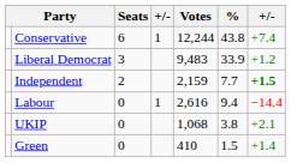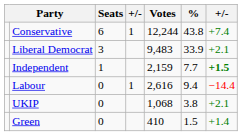 <table class="wikitable sortable">
 <tr>
 <th colspan="2">Party</th>
 <th>Seats</th>
 <th>+/-</th>
 <th>Votes</th>
 <th>%</th>
 <th>+/-</th>
 </tr>
 <tr>
 <td style="background-color: "></td>
 <td><a href='#'>Conservative</a></td>
 <td>6</td>
 <td> 1</td>
 <td>12,244</td>
 <td>43.8</td>
 <td style="color:green">+7.4</td>
 </tr>
 <tr>
 <td style="background-color: "></td>
 <td><a href='#'>Liberal Democrat</a></td>
 <td>3</td>
 <td></td>
 <td>9,483</td>
 <td>33.9</td>
-<td style="color:green">+1.2</td>
+<td style="color:green">+2.1</td>
 </tr>
 <tr>
 <td style="background-color: "></td>
 <td><a href='#'>Independent</a></td>
-<td>2</td>
+<td>1</td>
 <td></td>
 <td>2,159</td>
 <td>7.7</td>
 <td style="color:green"><strong>+1.5</strong></td>
 </tr>
 <tr>
 <td style="background-color: "></td>
 <td><a href='#'>Labour</a></td>
 <td>0</td>
 <td> 1</td>
 <td>2,616</td>
 <td>9.4</td>
 <td style="color:red">−14.4</td>
 </tr>
 <tr>
 <td style="background-color: "></td>
 <td><a href='#'>UKIP</a></td>
 <td>0</td>
 <td></td>
 <td>1,068</td>
 <td>3.8</td>
 <td style="color:green">+2.1</td>
 </tr>
 <tr>
 <td style="background-color: "></td>
 <td><a href='#'>Green</a></td>
 <td>0</td>
 <td></td>
 <td>410</td>
 <td>1.5</td>
 <td style="color:green">+1.4</td>
 </tr>
 </table>
